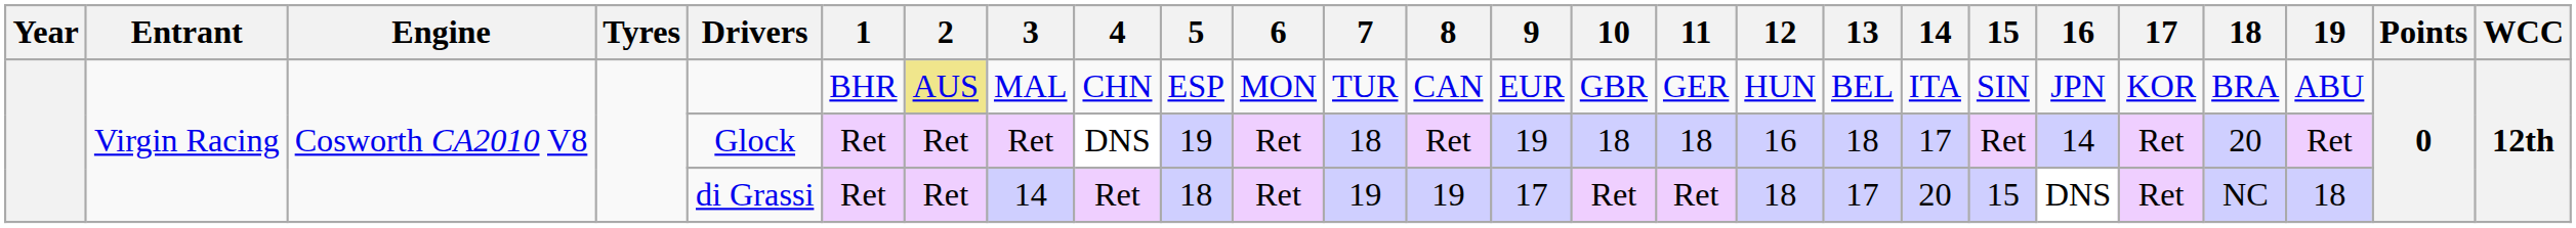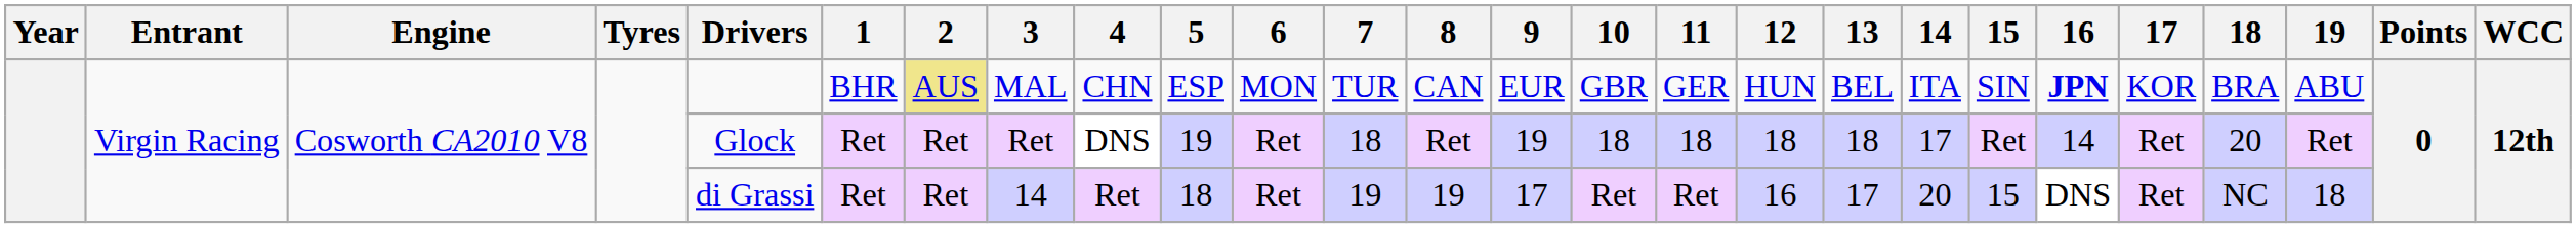 <table class="wikitable" style="text-align:center; font-size:95%">
 <tr>
 <th>Year</th>
 <th>Entrant</th>
 <th>Engine</th>
 <th>Tyres</th>
 <th>Drivers</th>
 <th>1</th>
 <th>2</th>
 <th>3</th>
 <th>4</th>
 <th>5</th>
 <th>6</th>
 <th>7</th>
 <th>8</th>
 <th>9</th>
 <th>10</th>
 <th>11</th>
 <th>12</th>
 <th>13</th>
 <th>14</th>
 <th>15</th>
 <th>16</th>
 <th>17</th>
 <th>18</th>
 <th>19</th>
 <th>Points</th>
 <th>WCC</th>
 </tr>
 <tr>
 <th rowspan=3></th>
 <td rowspan=3><a href='#'>Virgin Racing</a></td>
 <td rowspan=3><a href='#'>Cosworth <em>CA2010</em></a> <a href='#'>V8</a></td>
 <td rowspan=3></td>
 <td></td>
 <td><a href='#'>BHR</a></td>
 <td style="background: khaki;"><a href='#'>AUS</a></td>
 <td><a href='#'>MAL</a></td>
 <td><a href='#'>CHN</a></td>
 <td><a href='#'>ESP</a></td>
 <td><a href='#'>MON</a></td>
 <td><a href='#'>TUR</a></td>
 <td><a href='#'>CAN</a></td>
 <td><a href='#'>EUR</a></td>
 <td><a href='#'>GBR</a></td>
 <td><a href='#'>GER</a></td>
 <td><a href='#'>HUN</a></td>
 <td><a href='#'>BEL</a></td>
 <td><a href='#'>ITA</a></td>
 <td><a href='#'>SIN</a></td>
-<td><a href='#'>JPN</a></td>
+<td><strong><a href='#'>JPN</a></strong></td>
 <td><a href='#'>KOR</a></td>
 <td><a href='#'>BRA</a></td>
 <td><a href='#'>ABU</a></td>
 <th rowspan=3>0</th>
 <th rowspan=3>12th</th>
 </tr>
 <tr>
 <td><a href='#'>Glock</a></td>
 <td style="background:#EFCFFF;">Ret</td>
 <td style="background:#EFCFFF;">Ret</td>
 <td style="background:#EFCFFF;">Ret</td>
 <td style="background:#FFFFFF;">DNS</td>
 <td style="background:#cfcfff;">19</td>
 <td style="background:#EFCFFF;">Ret</td>
 <td style="background:#cfcfff;">18</td>
 <td style="background:#EFCFFF;">Ret</td>
 <td style="background:#cfcfff;">19</td>
 <td style="background:#cfcfff;">18</td>
 <td style="background:#cfcfff;">18</td>
-<td style="background:#cfcfff;">16</td>
+<td style="background:#cfcfff;">18</td>
 <td style="background:#cfcfff;">18</td>
 <td style="background:#cfcfff;">17</td>
 <td style="background:#EFCFFF;">Ret</td>
 <td style="background:#cfcfff;">14</td>
 <td style="background:#EFCFFF;">Ret</td>
 <td style="background:#cfcfff;">20</td>
 <td style="background:#EFCFFF;">Ret</td>
 </tr>
 <tr>
 <td><a href='#'>di Grassi</a></td>
 <td style="background:#EFCFFF;">Ret</td>
 <td style="background:#EFCFFF;">Ret</td>
 <td style="background:#cfcfff;">14</td>
 <td style="background:#EFCFFF;">Ret</td>
 <td style="background:#cfcfff;">18</td>
 <td style="background:#EFCFFF;">Ret</td>
 <td style="background:#cfcfff;">19</td>
 <td style="background:#cfcfff;">19</td>
 <td style="background:#cfcfff;">17</td>
 <td style="background:#EFCFFF;">Ret</td>
 <td style="background:#EFCFFF;">Ret</td>
-<td style="background:#cfcfff;">18</td>
+<td style="background:#cfcfff;">16</td>
 <td style="background:#cfcfff;">17</td>
 <td style="background:#CFCFFF;">20</td>
 <td style="background:#cfcfff;">15</td>
 <td style="background:#ffffff;">DNS</td>
 <td style="background:#EFCFFF;">Ret</td>
 <td style="background:#cfcfff;">NC</td>
 <td style="background:#cfcfff;">18</td>
 </tr>
 </table>
